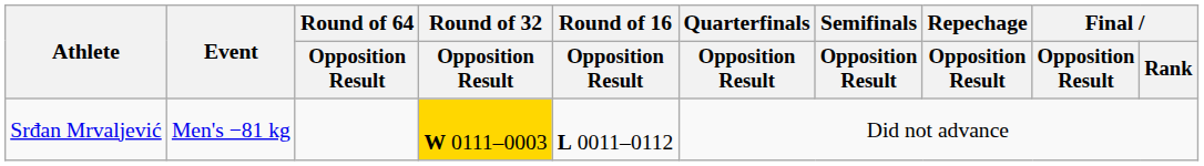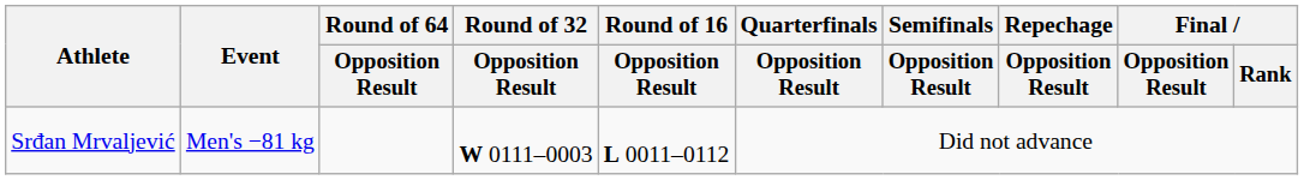 <table class="wikitable" style="font-size:90%">
 <tr>
 <th rowspan="2">Athlete</th>
 <th rowspan="2">Event</th>
 <th>Round of 64</th>
 <th>Round of 32</th>
 <th>Round of 16</th>
 <th>Quarterfinals</th>
 <th>Semifinals</th>
 <th>Repechage</th>
 <th colspan=2>Final / </th>
 </tr>
 <tr style="font-size:95%">
 <th>Opposition<br>Result</th>
 <th>Opposition<br>Result</th>
 <th>Opposition<br>Result</th>
 <th>Opposition<br>Result</th>
 <th>Opposition<br>Result</th>
 <th>Opposition<br>Result</th>
 <th>Opposition<br>Result</th>
 <th>Rank</th>
 </tr>
 <tr align=center>
 <td align=left><a href='#'>Srđan Mrvaljević</a></td>
 <td align=left><a href='#'>Men's −81 kg</a></td>
 <td></td>
-<td style="background: gold;"><br><strong>W</strong> 0111–0003</td>
+<td><br><strong>W</strong> 0111–0003</td>
 <td><br><strong>L</strong> 0011–0112</td>
 <td colspan=5>Did not advance</td>
 </tr>
 </table>
